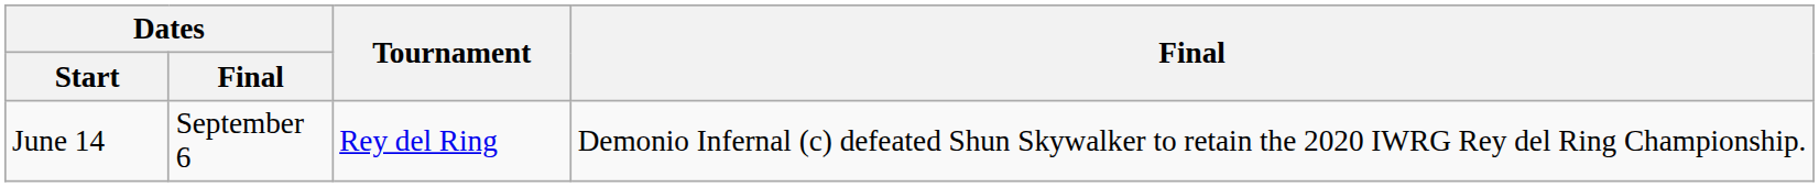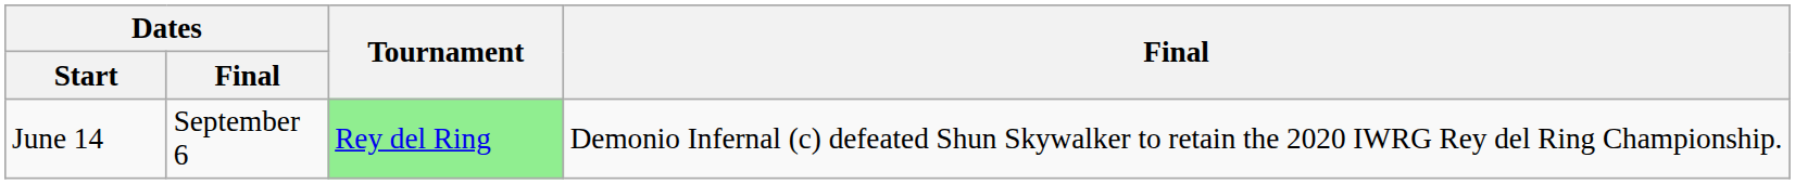 <table class="wikitable">
 <tr>
 <th colspan=2>Dates</th>
 <th rowspan=2 scope="col" style="width: 120px;">Tournament</th>
 <th rowspan=2>Final</th>
 </tr>
 <tr>
 <th scope="col" style="width: 80px;">Start</th>
 <th scope="col" style="width: 80px;">Final</th>
 </tr>
 <tr>
 <td>June 14</td>
 <td>September 6</td>
-<td><a href='#'>Rey del Ring</a></td>
+<td style="background: lightgreen;"><a href='#'>Rey del Ring</a></td>
 <td>Demonio Infernal (c) defeated Shun Skywalker to retain the 2020 IWRG Rey del Ring Championship.</td>
 </tr>
 </table>
